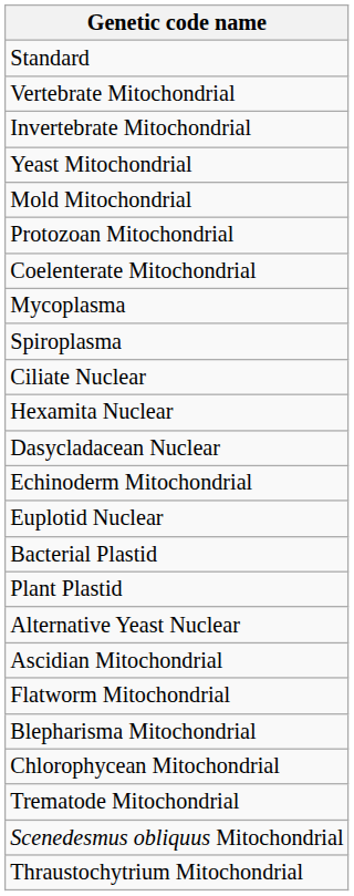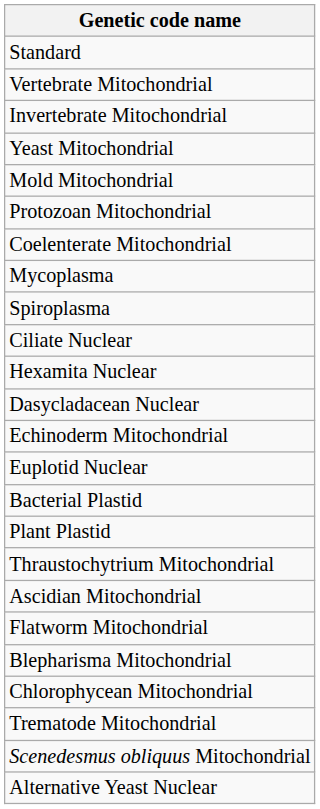 <table class="wikitable mw-collapsible">
 <tr>
 <th>Genetic code name</th>
 </tr>
 <tr>
 <td>Standard</td>
 </tr>
 <tr>
 <td>Vertebrate Mitochondrial</td>
 </tr>
 <tr>
 <td>Invertebrate Mitochondrial</td>
 </tr>
 <tr>
 <td>Yeast Mitochondrial</td>
 </tr>
 <tr>
 <td>Mold Mitochondrial</td>
 </tr>
 <tr>
 <td>Protozoan Mitochondrial</td>
 </tr>
 <tr>
 <td>Coelenterate Mitochondrial</td>
 </tr>
 <tr>
 <td>Mycoplasma</td>
 </tr>
 <tr>
 <td>Spiroplasma</td>
 </tr>
 <tr>
 <td>Ciliate Nuclear</td>
 </tr>
 <tr>
 <td>Hexamita Nuclear</td>
 </tr>
 <tr>
 <td>Dasycladacean Nuclear</td>
 </tr>
 <tr>
 <td>Echinoderm Mitochondrial</td>
 </tr>
 <tr>
 <td>Euplotid Nuclear</td>
 </tr>
 <tr>
 <td>Bacterial Plastid</td>
 </tr>
 <tr>
 <td>Plant Plastid</td>
 </tr>
 <tr>
-<td>Alternative Yeast Nuclear</td>
+<td>Thraustochytrium Mitochondrial</td>
 </tr>
 <tr>
 <td>Ascidian Mitochondrial</td>
 </tr>
 <tr>
 <td>Flatworm Mitochondrial</td>
 </tr>
 <tr>
 <td>Blepharisma Mitochondrial</td>
 </tr>
 <tr>
 <td>Chlorophycean Mitochondrial</td>
 </tr>
 <tr>
 <td>Trematode Mitochondrial</td>
 </tr>
 <tr>
 <td><em>Scenedesmus obliquus</em> Mitochondrial</td>
 </tr>
 <tr>
-<td>Thraustochytrium Mitochondrial</td>
+<td>Alternative Yeast Nuclear</td>
 </tr>
 </table>
